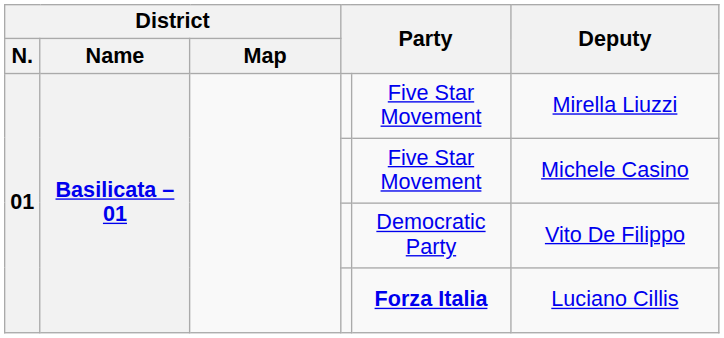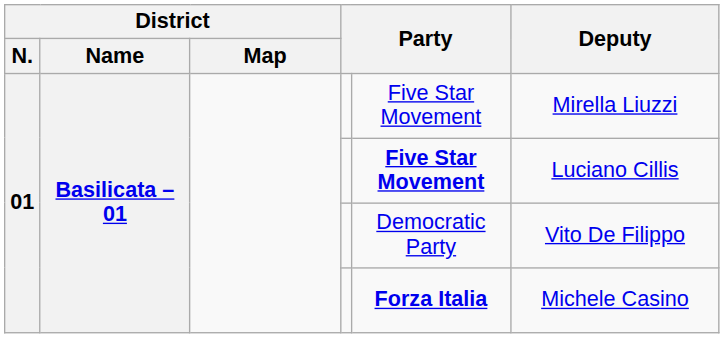 <table class="wikitable" style="text-align:center; style="width=60%">
 <tr>
 <th width=35% colspan="3">District</th>
 <th width=20% colspan="2" rowspan="2">Party</th>
 <th width=25% rowspan="2">Deputy</th>
 </tr>
 <tr>
 <th width=1%>N.</th>
 <th width=18%>Name</th>
 <th width=18%>Map</th>
 </tr>
 <tr style="height:3em;">
 <th rowspan="5">01</th>
 <th rowspan="5"><a href='#'>Basilicata – 01</a></th>
 <td rowspan="5"></td>
 <td style="background:"></td>
 <td><a href='#'>Five Star Movement</a></td>
 <td><a href='#'>Mirella Liuzzi</a></td>
 </tr>
 <tr style="height:3em;">
 <td style="background:"></td>
-<td><a href='#'>Five Star Movement</a></td>
-<td><a href='#'>Michele Casino</a></td>
+<td><strong><a href='#'>Five Star Movement</a></strong></td>
+<td><a href='#'>Luciano Cillis</a></td>
 </tr>
 <tr style="height:3em;">
 <td style="background:"></td>
 <td><a href='#'>Democratic Party</a></td>
 <td><a href='#'>Vito De Filippo</a></td>
 </tr>
 <tr style="height:3em;">
 <td style="background:"></td>
 <td><strong><a href='#'>Forza Italia</a></strong></td>
-<td><a href='#'>Luciano Cillis</a></td>
+<td><a href='#'>Michele Casino</a></td>
 </tr>
 </table>
